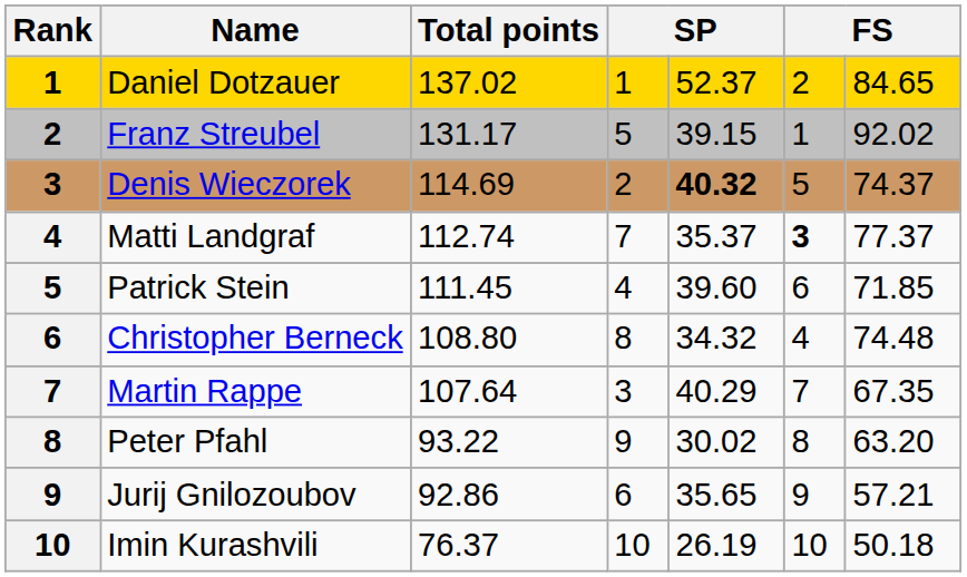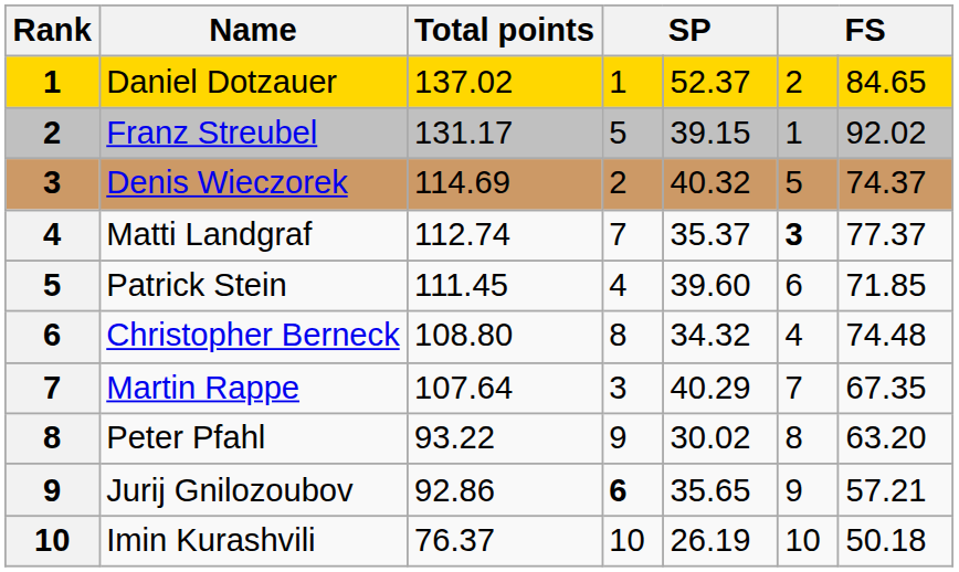 <table class="wikitable">
 <tr>
 <th>Rank</th>
 <th>Name</th>
 <th>Total points</th>
 <th colspan="2" width="80px">SP</th>
 <th colspan="2" width="80px">FS</th>
 </tr>
 <tr bgcolor="gold">
 <td align="center"><strong>1</strong></td>
 <td>Daniel Dotzauer</td>
 <td>137.02</td>
 <td>1</td>
 <td>52.37</td>
 <td>2</td>
 <td>84.65</td>
 </tr>
 <tr bgcolor="silver">
 <td align="center"><strong>2</strong></td>
 <td><a href='#'>Franz Streubel</a></td>
 <td>131.17</td>
 <td>5</td>
 <td>39.15</td>
 <td>1</td>
 <td>92.02</td>
 </tr>
 <tr bgcolor="cc9966">
 <td align="center"><strong>3</strong></td>
 <td><a href='#'>Denis Wieczorek</a></td>
 <td>114.69</td>
 <td>2</td>
-<td><strong>40.32</strong></td>
+<td>40.32</td>
 <td>5</td>
 <td>74.37</td>
 </tr>
 <tr>
 <th>4</th>
 <td>Matti Landgraf</td>
 <td>112.74</td>
 <td>7</td>
 <td>35.37</td>
 <td><strong>3</strong></td>
 <td>77.37</td>
 </tr>
 <tr>
 <th>5</th>
 <td>Patrick Stein</td>
 <td>111.45</td>
 <td>4</td>
 <td>39.60</td>
 <td>6</td>
 <td>71.85</td>
 </tr>
 <tr>
 <th>6</th>
 <td><a href='#'>Christopher Berneck</a></td>
 <td>108.80</td>
 <td>8</td>
 <td>34.32</td>
 <td>4</td>
 <td>74.48</td>
 </tr>
 <tr>
 <th>7</th>
 <td><a href='#'>Martin Rappe</a></td>
 <td>107.64</td>
 <td>3</td>
 <td>40.29</td>
 <td>7</td>
 <td>67.35</td>
 </tr>
 <tr>
 <th>8</th>
 <td>Peter Pfahl</td>
 <td>93.22</td>
 <td>9</td>
 <td>30.02</td>
 <td>8</td>
 <td>63.20</td>
 </tr>
 <tr>
 <th>9</th>
 <td>Jurij Gnilozoubov</td>
 <td>92.86</td>
-<td>6</td>
+<td><strong>6</strong></td>
 <td>35.65</td>
 <td>9</td>
 <td>57.21</td>
 </tr>
 <tr>
 <th>10</th>
 <td>Imin Kurashvili</td>
 <td>76.37</td>
 <td>10</td>
 <td>26.19</td>
 <td>10</td>
 <td>50.18</td>
 </tr>
 </table>
